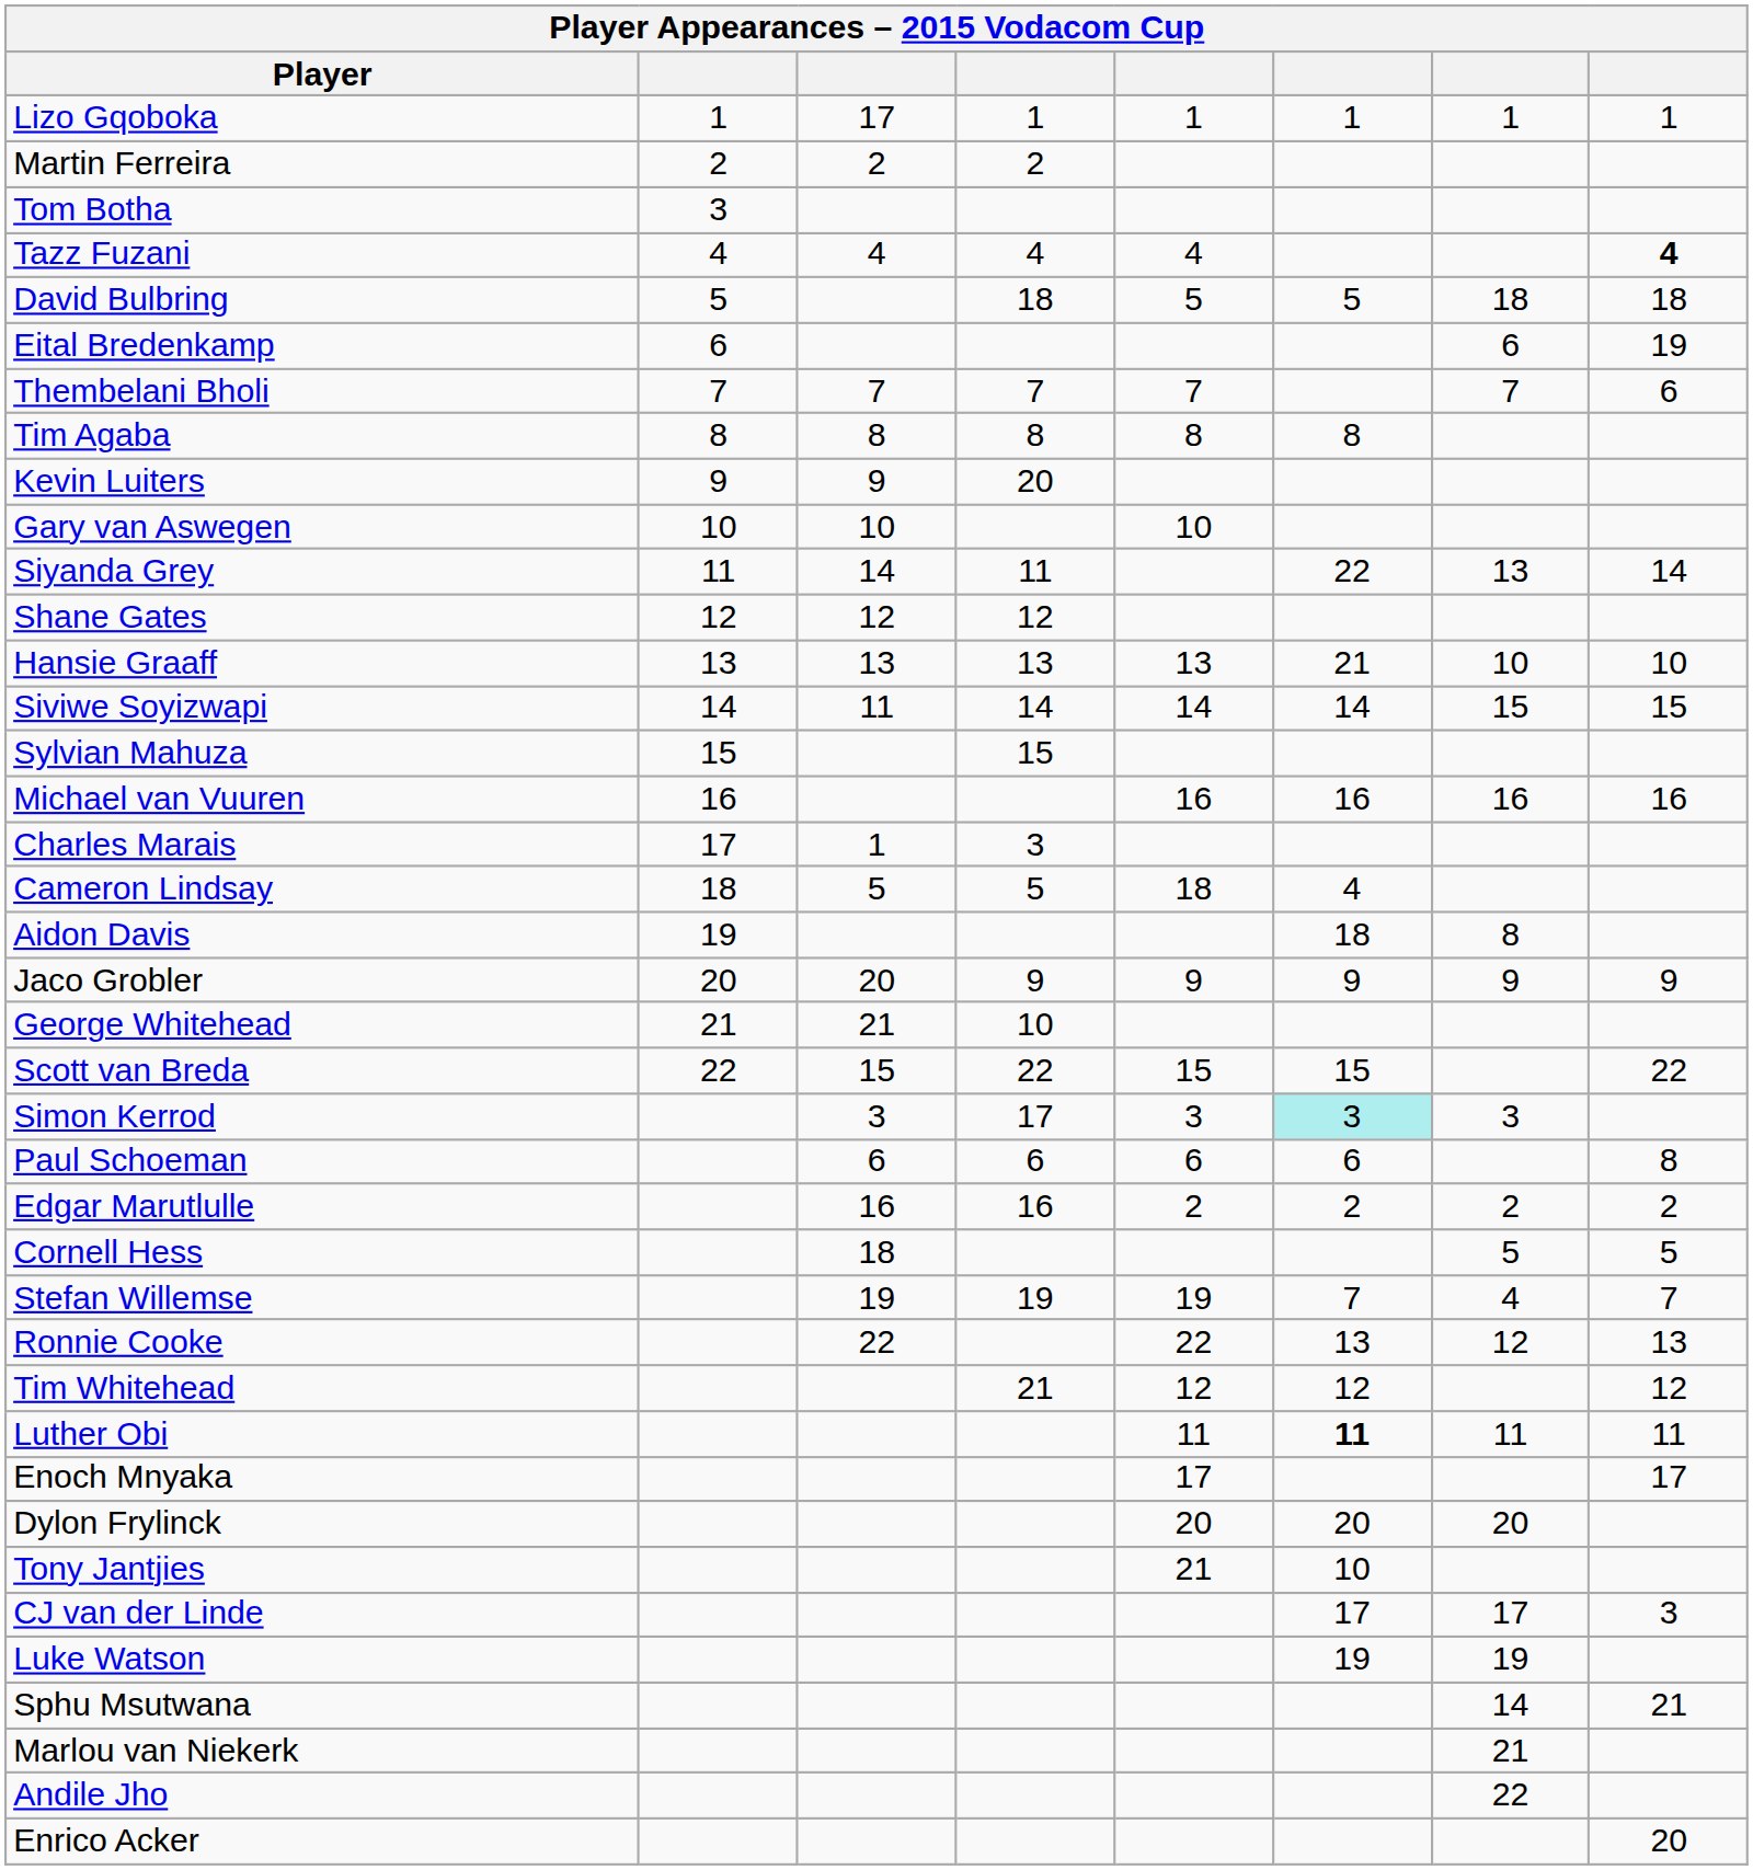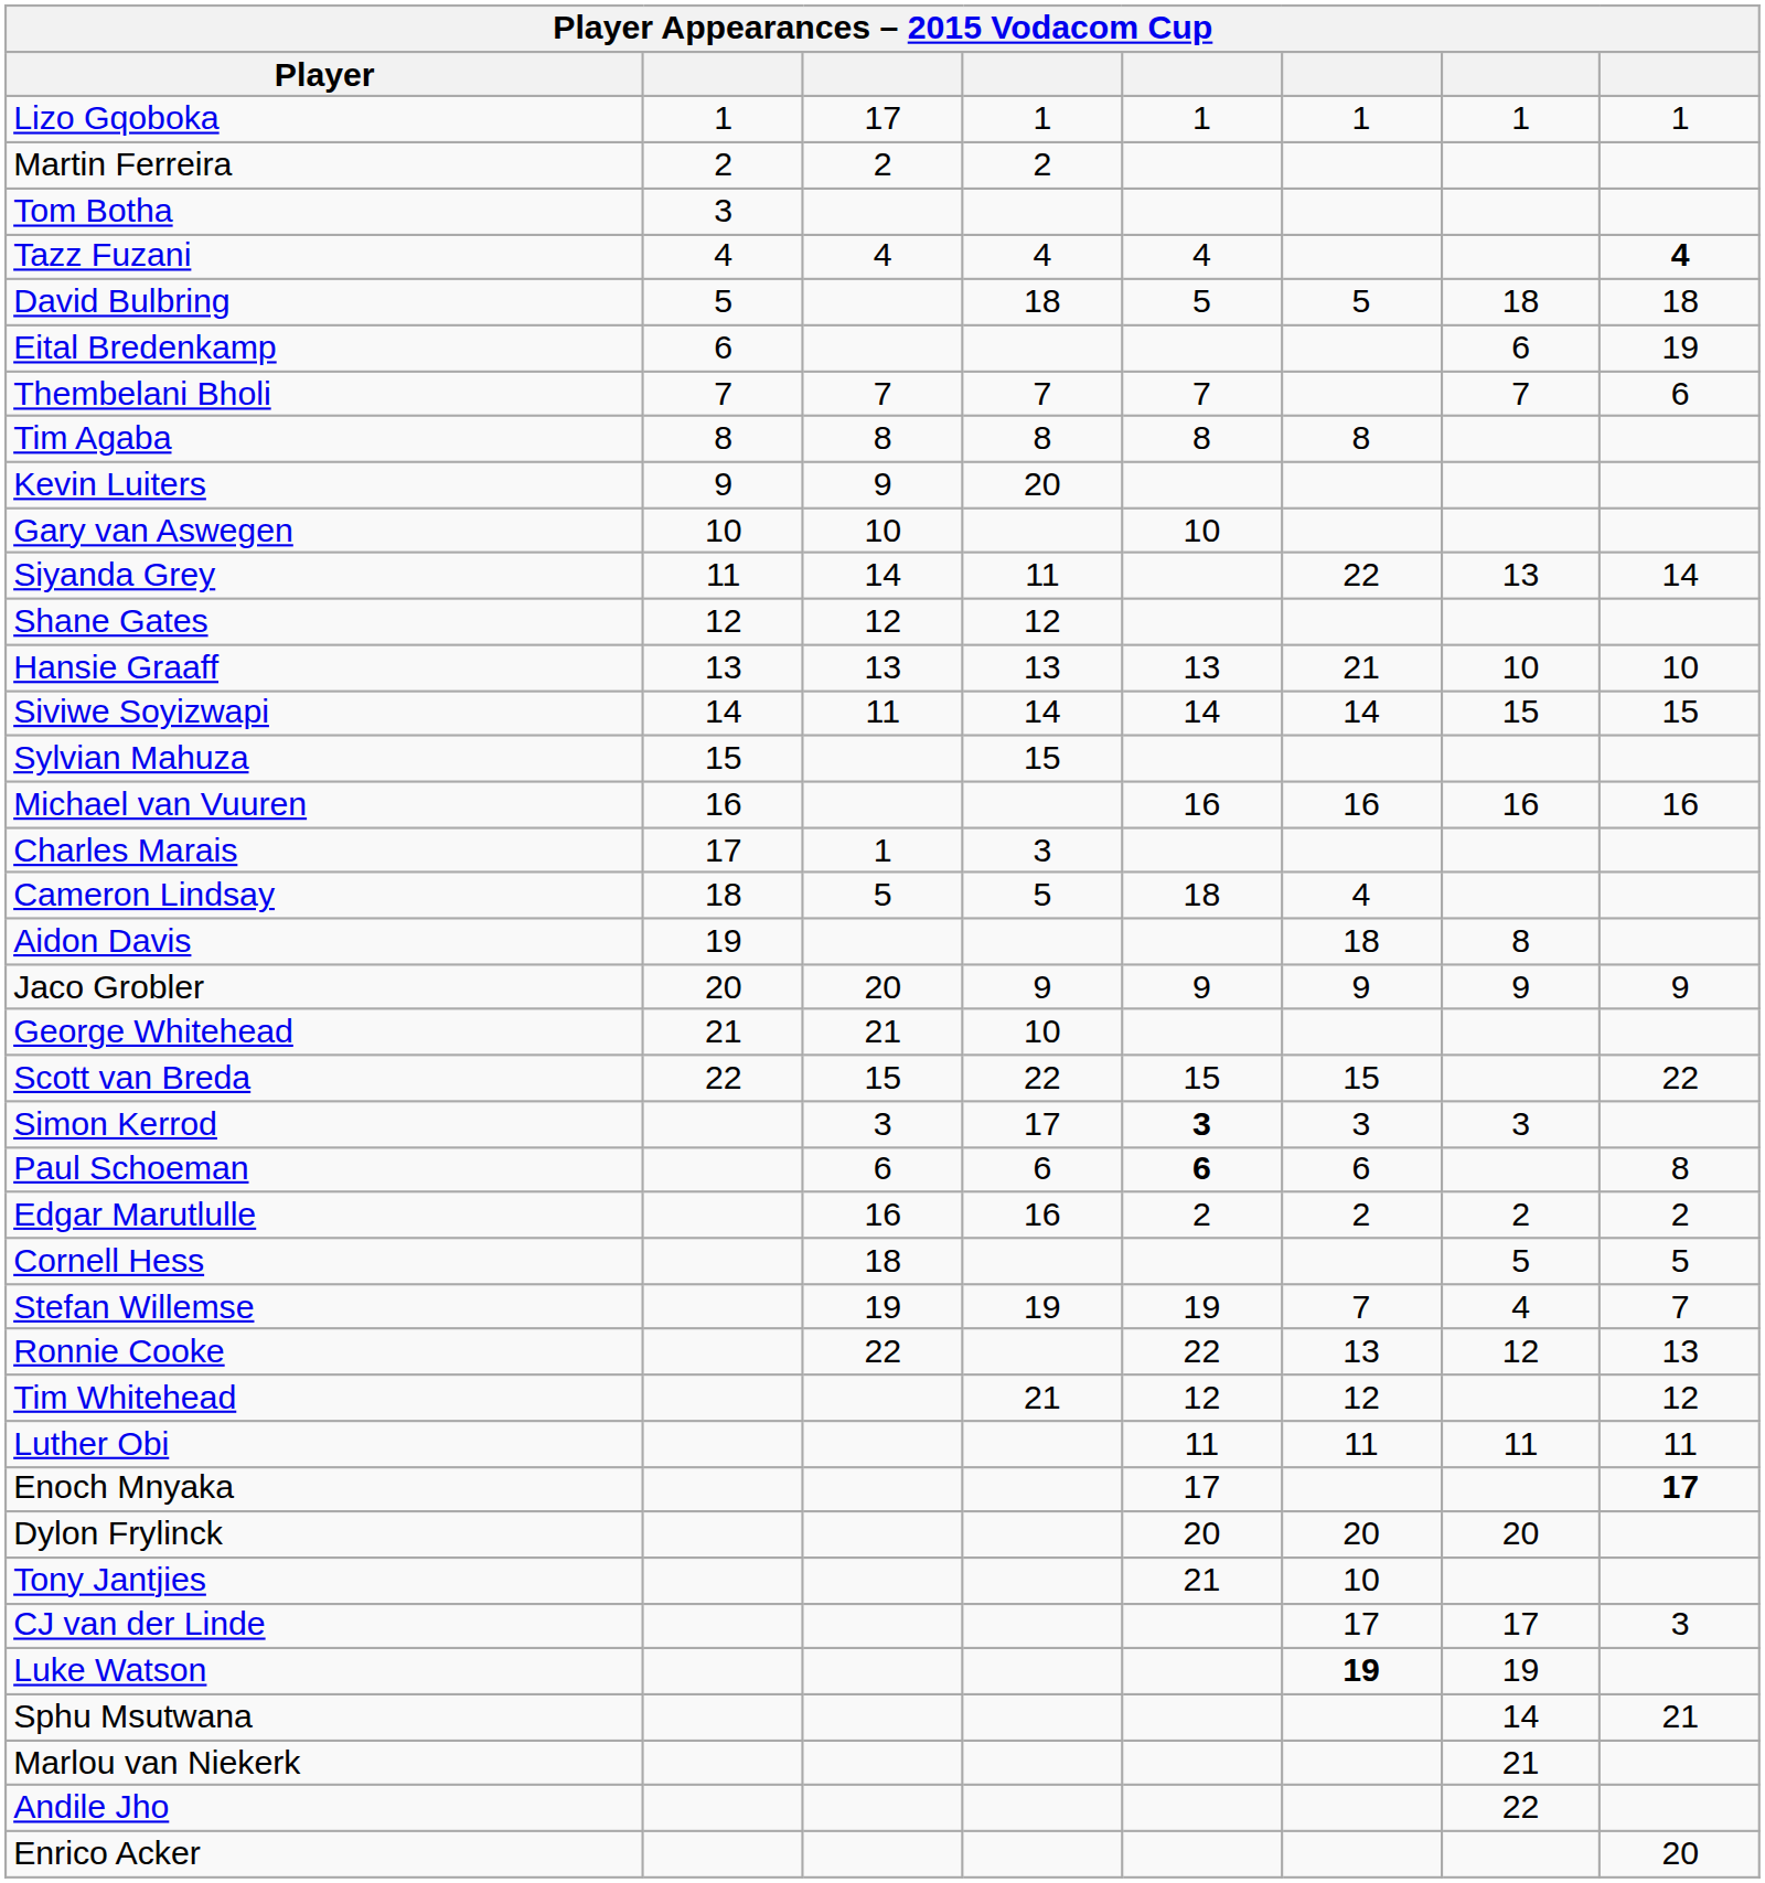 <table class="wikitable sortable"  style="text-align:center; line-height:90%; font-size:90%; width:60%;">
 <tr>
 <th colspan=10>Player Appearances – <a href='#'>2015 Vodacom Cup</a></th>
 </tr>
 <tr>
 <th style="width:20%;">Player</th>
 <th style="width:5%;"></th>
 <th style="width:5%;"></th>
 <th style="width:5%;"></th>
 <th style="width:5%;"></th>
 <th style="width:5%;"></th>
 <th style="width:5%;"></th>
 <th style="width:5%;"></th>
 </tr>
 <tr>
 <td align=left><a href='#'>Lizo Gqoboka</a></td>
 <td>1</td>
 <td>17 </td>
 <td>1</td>
 <td>1</td>
 <td>1</td>
 <td>1</td>
 <td>1</td>
 </tr>
 <tr>
 <td align=left>Martin Ferreira</td>
 <td>2</td>
 <td>2</td>
 <td>2</td>
 <td></td>
 <td></td>
 <td></td>
 <td></td>
 </tr>
 <tr>
 <td align=left><a href='#'>Tom Botha</a></td>
 <td>3</td>
 <td></td>
 <td></td>
 <td></td>
 <td></td>
 <td></td>
 <td></td>
 </tr>
 <tr>
 <td align=left><a href='#'>Tazz Fuzani</a></td>
 <td>4</td>
 <td>4</td>
 <td>4</td>
 <td>4</td>
 <td></td>
 <td></td>
 <td><strong>4</strong></td>
 </tr>
 <tr>
 <td align=left><a href='#'>David Bulbring</a></td>
 <td>5</td>
 <td></td>
 <td>18 </td>
 <td>5</td>
 <td>5</td>
 <td>18 </td>
 <td>18 </td>
 </tr>
 <tr>
 <td align=left><a href='#'>Eital Bredenkamp</a></td>
 <td>6</td>
 <td></td>
 <td></td>
 <td></td>
 <td></td>
 <td>6</td>
 <td>19 </td>
 </tr>
 <tr>
 <td align=left><a href='#'>Thembelani Bholi</a></td>
 <td>7</td>
 <td>7</td>
 <td>7</td>
 <td>7</td>
 <td></td>
 <td>7</td>
 <td>6</td>
 </tr>
 <tr>
 <td align=left><a href='#'>Tim Agaba</a></td>
 <td>8</td>
 <td>8</td>
 <td>8</td>
 <td>8</td>
 <td>8</td>
 <td></td>
 <td></td>
 </tr>
 <tr>
 <td align=left><a href='#'>Kevin Luiters</a></td>
 <td>9</td>
 <td>9</td>
 <td>20 </td>
 <td></td>
 <td></td>
 <td></td>
 <td></td>
 </tr>
 <tr>
 <td align=left><a href='#'>Gary van Aswegen</a></td>
 <td>10</td>
 <td>10</td>
 <td></td>
 <td>10</td>
 <td></td>
 <td></td>
 <td></td>
 </tr>
 <tr>
 <td align=left><a href='#'>Siyanda Grey</a></td>
 <td>11</td>
 <td>14</td>
 <td>11</td>
 <td></td>
 <td>22 </td>
 <td>13</td>
 <td>14</td>
 </tr>
 <tr>
 <td align=left><a href='#'>Shane Gates</a></td>
 <td>12</td>
 <td>12</td>
 <td>12</td>
 <td></td>
 <td></td>
 <td></td>
 <td></td>
 </tr>
 <tr>
 <td align=left><a href='#'>Hansie Graaff</a></td>
 <td>13</td>
 <td>13</td>
 <td>13</td>
 <td>13</td>
 <td>21 </td>
 <td>10</td>
 <td>10</td>
 </tr>
 <tr>
 <td align=left><a href='#'>Siviwe Soyizwapi</a></td>
 <td>14</td>
 <td>11</td>
 <td>14</td>
 <td>14</td>
 <td>14</td>
 <td>15</td>
 <td>15</td>
 </tr>
 <tr>
 <td align=left><a href='#'>Sylvian Mahuza</a></td>
 <td>15</td>
 <td></td>
 <td>15</td>
 <td></td>
 <td></td>
 <td></td>
 <td></td>
 </tr>
 <tr>
 <td align=left><a href='#'>Michael van Vuuren</a></td>
 <td>16 </td>
 <td></td>
 <td></td>
 <td>16</td>
 <td>16 </td>
 <td>16 </td>
 <td>16 </td>
 </tr>
 <tr>
 <td align=left><a href='#'>Charles Marais</a></td>
 <td>17 </td>
 <td>1</td>
 <td>3</td>
 <td></td>
 <td></td>
 <td></td>
 <td></td>
 </tr>
 <tr>
 <td align=left><a href='#'>Cameron Lindsay</a></td>
 <td>18 </td>
 <td>5</td>
 <td>5</td>
 <td>18 </td>
 <td>4</td>
 <td></td>
 <td></td>
 </tr>
 <tr>
 <td align=left><a href='#'>Aidon Davis</a></td>
 <td>19 </td>
 <td></td>
 <td></td>
 <td></td>
 <td>18 </td>
 <td>8</td>
 <td></td>
 </tr>
 <tr>
 <td align=left>Jaco Grobler</td>
 <td>20 </td>
 <td>20 </td>
 <td>9</td>
 <td>9</td>
 <td>9</td>
 <td>9</td>
 <td>9</td>
 </tr>
 <tr>
 <td align=left><a href='#'>George Whitehead</a></td>
 <td>21 </td>
 <td>21 </td>
 <td>10</td>
 <td></td>
 <td></td>
 <td></td>
 <td></td>
 </tr>
 <tr>
 <td align=left><a href='#'>Scott van Breda</a></td>
 <td>22 </td>
 <td>15</td>
 <td>22 </td>
 <td>15</td>
 <td>15</td>
 <td></td>
 <td>22 </td>
 </tr>
 <tr>
 <td align=left><a href='#'>Simon Kerrod</a></td>
 <td></td>
 <td>3</td>
 <td>17 </td>
+<td><strong>3</strong></td>
 <td>3</td>
-<td style="background: paleturquoise;">3</td>
 <td>3</td>
 <td></td>
 </tr>
 <tr>
 <td align=left><a href='#'>Paul Schoeman</a></td>
 <td></td>
 <td>6</td>
 <td>6</td>
-<td>6</td>
+<td><strong>6</strong></td>
 <td>6</td>
 <td></td>
 <td>8</td>
 </tr>
 <tr>
 <td align=left><a href='#'>Edgar Marutlulle</a></td>
 <td></td>
 <td>16 </td>
 <td>16 </td>
 <td>2</td>
 <td>2</td>
 <td>2</td>
 <td>2</td>
 </tr>
 <tr>
 <td align=left><a href='#'>Cornell Hess</a></td>
 <td></td>
 <td>18 </td>
 <td></td>
 <td></td>
 <td></td>
 <td>5</td>
 <td>5</td>
 </tr>
 <tr>
 <td align=left><a href='#'>Stefan Willemse</a></td>
 <td></td>
 <td>19 </td>
 <td>19 </td>
 <td>19 </td>
 <td>7</td>
 <td>4</td>
 <td>7</td>
 </tr>
 <tr>
 <td align=left><a href='#'>Ronnie Cooke</a></td>
 <td></td>
 <td>22 </td>
 <td></td>
 <td>22 </td>
 <td>13</td>
 <td>12</td>
 <td>13</td>
 </tr>
 <tr>
 <td align=left><a href='#'>Tim Whitehead</a></td>
 <td></td>
 <td></td>
 <td>21 </td>
 <td>12</td>
 <td>12</td>
 <td></td>
 <td>12</td>
 </tr>
 <tr>
 <td align=left><a href='#'>Luther Obi</a></td>
 <td></td>
 <td></td>
 <td></td>
 <td>11</td>
-<td><strong>11</strong></td>
+<td>11</td>
 <td>11</td>
 <td>11</td>
 </tr>
 <tr>
 <td align=left>Enoch Mnyaka</td>
 <td></td>
 <td></td>
 <td></td>
 <td>17 </td>
 <td></td>
 <td></td>
-<td>17 </td>
+<td><strong>17 </strong></td>
 </tr>
 <tr>
 <td align=left>Dylon Frylinck</td>
 <td></td>
 <td></td>
 <td></td>
 <td>20 </td>
 <td>20 </td>
 <td>20 </td>
 <td></td>
 </tr>
 <tr>
 <td align=left><a href='#'>Tony Jantjies</a></td>
 <td></td>
 <td></td>
 <td></td>
 <td>21 </td>
 <td>10</td>
 <td></td>
 <td></td>
 </tr>
 <tr>
 <td align=left><a href='#'>CJ van der Linde</a></td>
 <td></td>
 <td></td>
 <td></td>
 <td></td>
 <td>17 </td>
 <td>17 </td>
 <td>3</td>
 </tr>
 <tr>
 <td align=left><a href='#'>Luke Watson</a></td>
 <td></td>
 <td></td>
 <td></td>
 <td></td>
-<td>19 </td>
+<td><strong>19 </strong></td>
 <td>19 </td>
 <td></td>
 </tr>
 <tr>
 <td align=left>Sphu Msutwana</td>
 <td></td>
 <td></td>
 <td></td>
 <td></td>
 <td></td>
 <td>14</td>
 <td>21 </td>
 </tr>
 <tr>
 <td align=left>Marlou van Niekerk</td>
 <td></td>
 <td></td>
 <td></td>
 <td></td>
 <td></td>
 <td>21 </td>
 <td></td>
 </tr>
 <tr>
 <td align=left><a href='#'>Andile Jho</a></td>
 <td></td>
 <td></td>
 <td></td>
 <td></td>
 <td></td>
 <td>22 </td>
 <td></td>
 </tr>
 <tr>
 <td align=left>Enrico Acker</td>
 <td></td>
 <td></td>
 <td></td>
 <td></td>
 <td></td>
 <td></td>
 <td>20 </td>
 </tr>
 </table>
